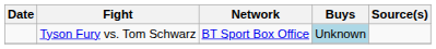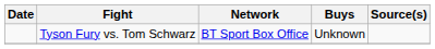 <table class="wikitable sortable">
 <tr>
 <th>Date</th>
 <th>Fight</th>
 <th>Network</th>
 <th>Buys</th>
 <th>Source(s)</th>
 </tr>
 <tr>
 <td></td>
 <td><a href='#'>Tyson Fury</a> vs. Tom Schwarz</td>
 <td><a href='#'>BT Sport Box Office</a></td>
-<td style="background: lightblue;">Unknown</td>
+<td>Unknown</td>
 <td></td>
 </tr>
 <tr>
 </tr>
 </table>
